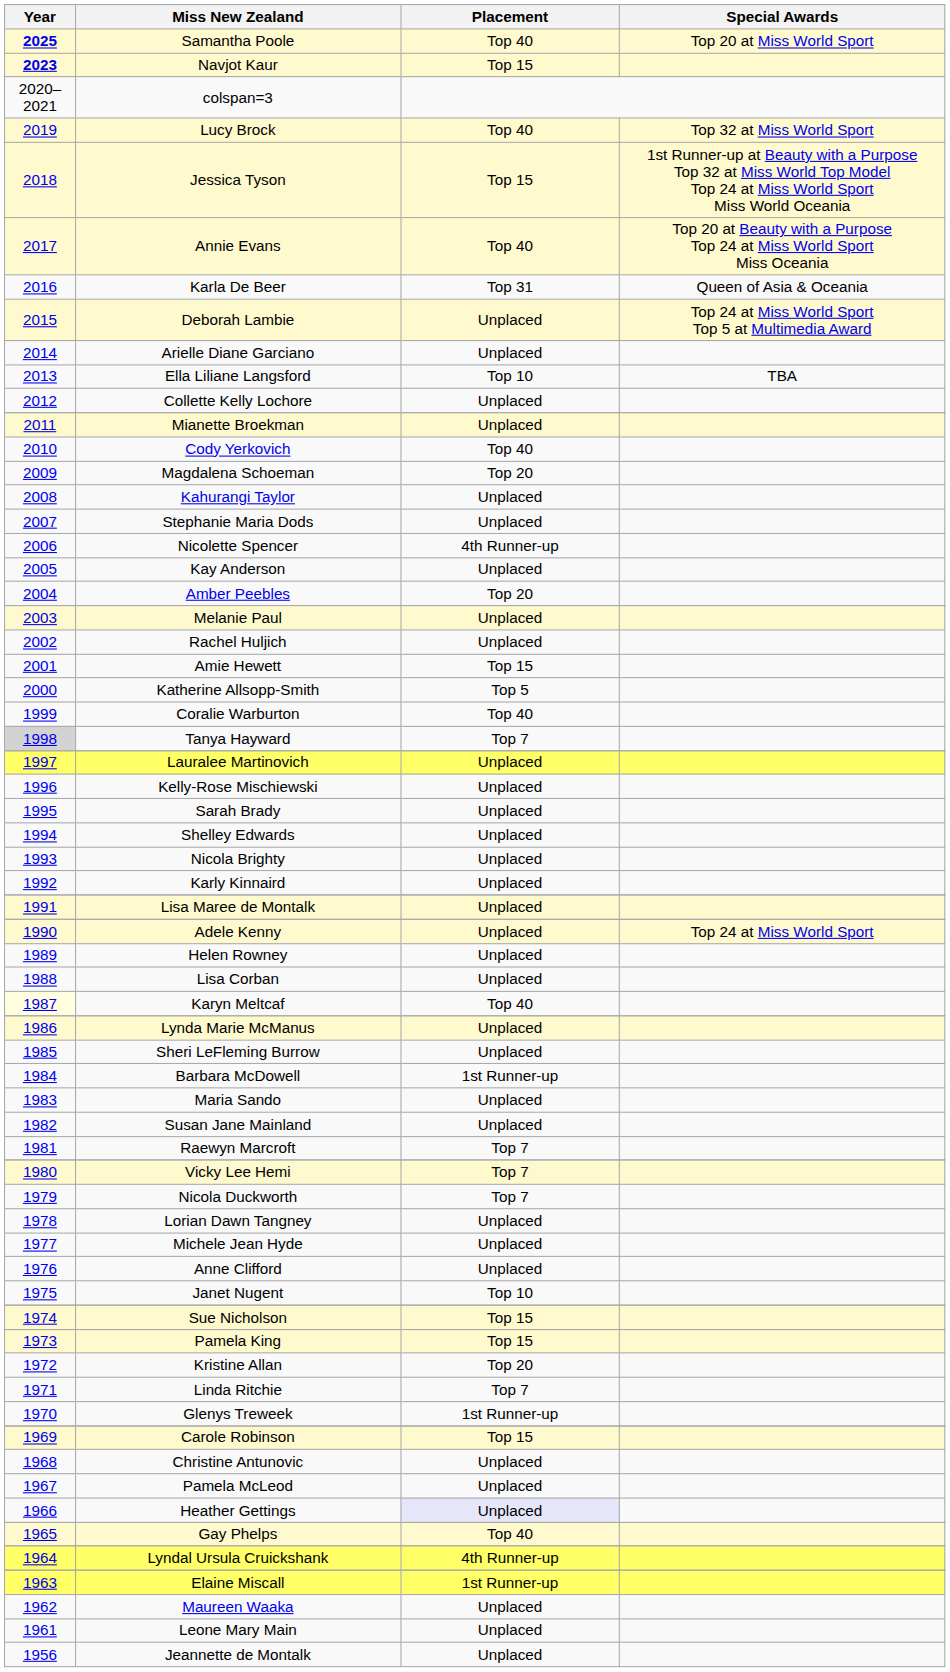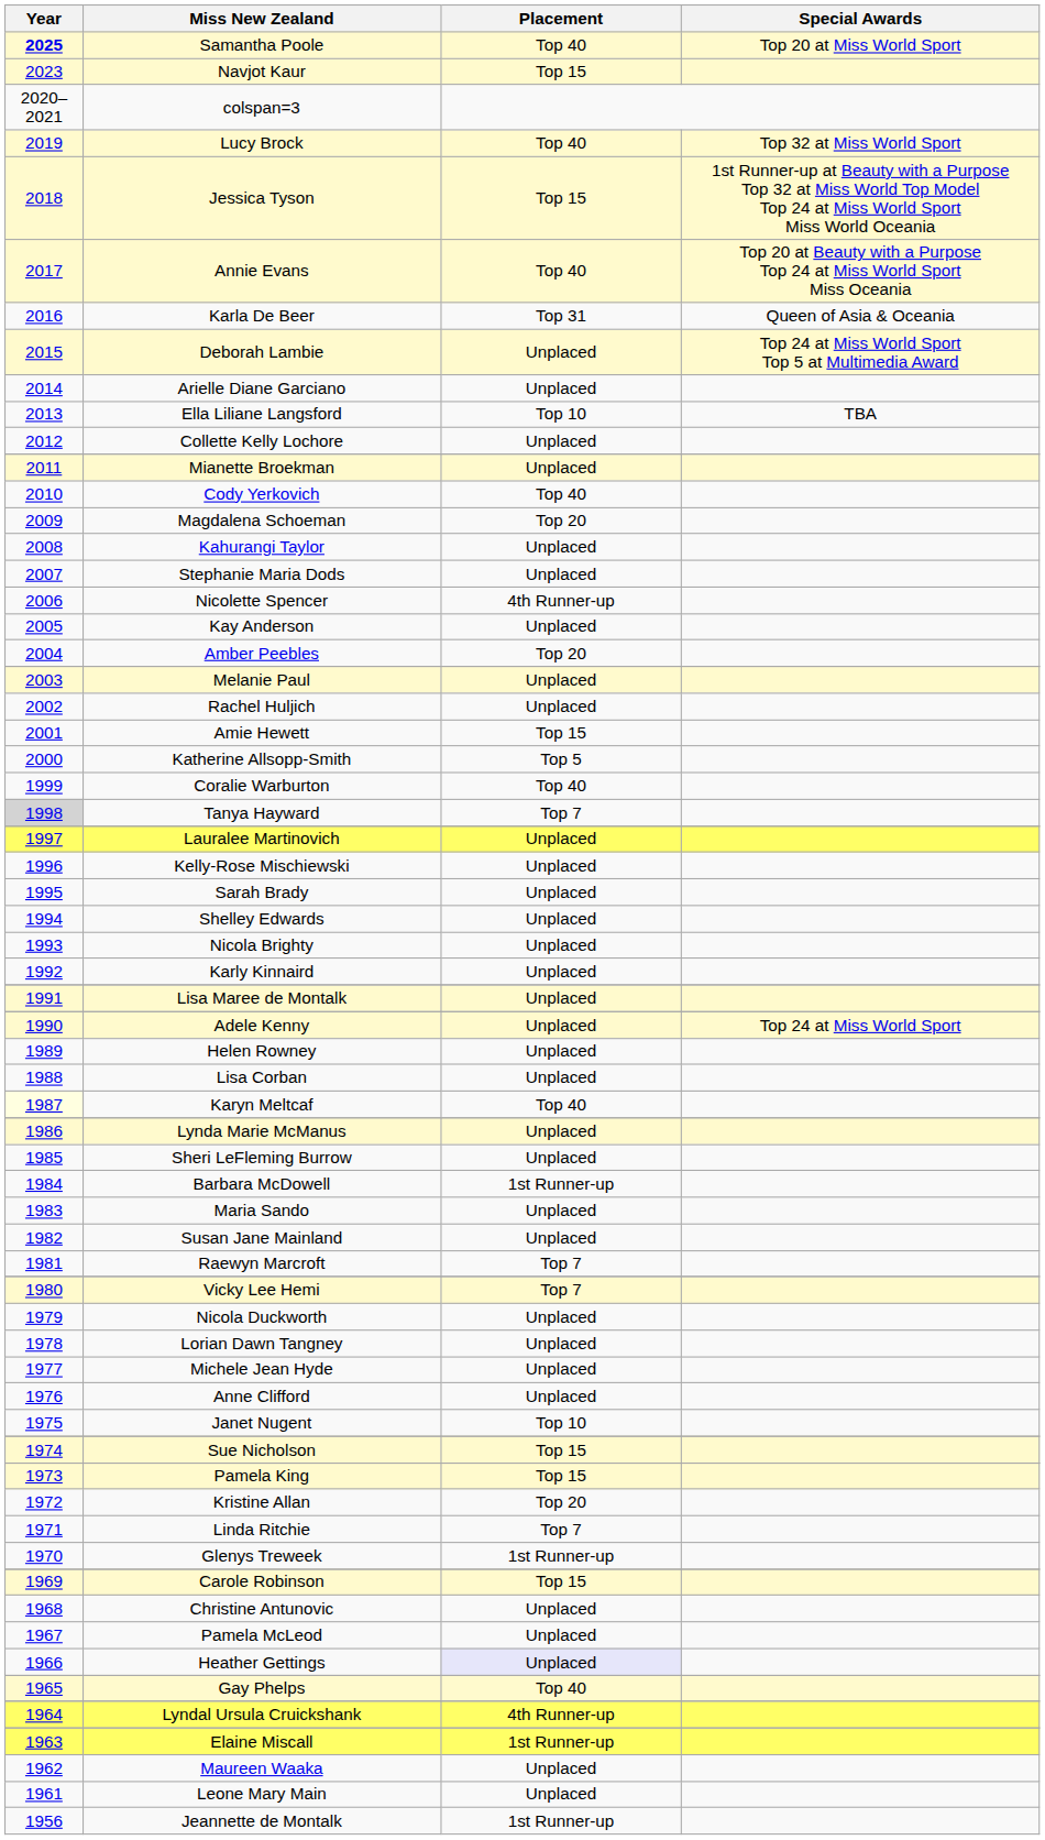 <table class="wikitable sortable" style="font-size: 90%; text-align:center;">
 <tr>
 <th width="60">Year</th>
 <th width="300">Miss New Zealand</th>
 <th width="200">Placement</th>
 <th width="300">Special Awards</th>
 </tr>
 <tr style="background-color:#FFFACD;">
 <td><strong><a href='#'>2025</a></strong></td>
 <td>Samantha Poole</td>
 <td>Top 40</td>
 <td>Top 20 at <a href='#'>Miss World Sport</a></td>
 </tr>
 <tr style="background-color:#FFFACD;">
-<td><strong><a href='#'>2023</a></strong></td>
+<td><a href='#'>2023</a></td>
 <td>Navjot Kaur</td>
 <td>Top 15</td>
 <td></td>
 </tr>
 <tr>
 <td>2020–2021</td>
 <td>colspan=3 </td>
 </tr>
 <tr style="background-color:#FFFACD;">
 <td><a href='#'>2019</a></td>
 <td>Lucy Brock</td>
 <td>Top 40</td>
 <td>Top 32 at <a href='#'>Miss World Sport</a></td>
 </tr>
 <tr style="background-color:#FFFACD;">
 <td><a href='#'>2018</a></td>
 <td>Jessica Tyson</td>
 <td>Top 15</td>
 <td>1st Runner-up at <a href='#'>Beauty with a Purpose</a><br>Top 32 at <a href='#'>Miss World Top Model</a><br>Top 24 at <a href='#'>Miss World Sport</a><br>Miss World Oceania </td>
 </tr>
 <tr style="background-color:#FFFACD;">
 <td><a href='#'>2017</a></td>
 <td>Annie Evans</td>
 <td>Top 40</td>
 <td>Top 20 at <a href='#'>Beauty with a Purpose</a><br>Top 24  at <a href='#'>Miss World Sport</a><br>Miss Oceania</td>
 </tr>
 <tr>
 <td><a href='#'>2016</a></td>
 <td>Karla De Beer</td>
 <td>Top 31</td>
 <td>Queen of Asia & Oceania</td>
 </tr>
 <tr style="background-color:#FFFACD;">
 <td><a href='#'>2015</a></td>
 <td>Deborah Lambie</td>
 <td>Unplaced</td>
 <td>Top 24 at <a href='#'>Miss World Sport</a><br>Top 5 at <a href='#'>Multimedia Award</a></td>
 </tr>
 <tr>
 <td><a href='#'>2014</a></td>
 <td>Arielle Diane Garciano</td>
 <td>Unplaced</td>
 <td></td>
 </tr>
 <tr>
 <td><a href='#'>2013</a></td>
 <td>Ella Liliane Langsford</td>
 <td>Top 10</td>
 <td>TBA</td>
 </tr>
 <tr>
 <td><a href='#'>2012</a></td>
 <td>Collette Kelly Lochore</td>
 <td>Unplaced</td>
 <td></td>
 </tr>
 <tr>
 </tr>
 <tr style="background-color:#FFFACD;">
 <td><a href='#'>2011</a></td>
 <td>Mianette Broekman</td>
 <td>Unplaced</td>
 <td></td>
 </tr>
 <tr>
 <td><a href='#'>2010</a></td>
 <td><a href='#'>Cody Yerkovich</a></td>
 <td>Top 40</td>
 <td></td>
 </tr>
 <tr>
 <td><a href='#'>2009</a></td>
 <td>Magdalena Schoeman</td>
 <td>Top 20</td>
 <td></td>
 </tr>
 <tr>
 <td><a href='#'>2008</a></td>
 <td><a href='#'>Kahurangi Taylor</a></td>
 <td>Unplaced</td>
 <td></td>
 </tr>
 <tr>
 <td><a href='#'>2007</a></td>
 <td>Stephanie Maria Dods</td>
 <td>Unplaced</td>
 <td></td>
 </tr>
 <tr>
 <td><a href='#'>2006</a></td>
 <td>Nicolette Spencer</td>
 <td>4th Runner-up</td>
 <td></td>
 </tr>
 <tr>
 <td><a href='#'>2005</a></td>
 <td>Kay Anderson</td>
 <td>Unplaced</td>
 <td></td>
 </tr>
 <tr>
 <td><a href='#'>2004</a></td>
 <td><a href='#'>Amber Peebles</a></td>
 <td>Top 20</td>
 <td></td>
 </tr>
 <tr>
 </tr>
 <tr style="background-color:#FFFACD;">
 <td><a href='#'>2003</a></td>
 <td>Melanie Paul</td>
 <td>Unplaced</td>
 <td></td>
 </tr>
 <tr>
 <td><a href='#'>2002</a></td>
 <td>Rachel Huljich</td>
 <td>Unplaced</td>
 <td></td>
 </tr>
 <tr>
 <td><a href='#'>2001</a></td>
 <td>Amie Hewett</td>
 <td>Top 15</td>
 <td></td>
 </tr>
 <tr>
 <td><a href='#'>2000</a></td>
 <td>Katherine Allsopp-Smith</td>
 <td>Top 5</td>
 <td></td>
 </tr>
 <tr>
 <td><a href='#'>1999</a></td>
 <td>Coralie Warburton</td>
 <td>Top 40</td>
 <td></td>
 </tr>
 <tr>
 <td style="background: lightgrey;"><a href='#'>1998</a></td>
 <td>Tanya Hayward</td>
 <td>Top 7</td>
 <td></td>
 </tr>
 <tr>
 </tr>
 <tr style="background-color:#FFFF66;">
 <td><a href='#'>1997</a></td>
 <td>Lauralee Martinovich</td>
 <td>Unplaced</td>
 <td></td>
 </tr>
 <tr>
 <td><a href='#'>1996</a></td>
 <td>Kelly-Rose Mischiewski</td>
 <td>Unplaced</td>
 <td></td>
 </tr>
 <tr>
 <td><a href='#'>1995</a></td>
 <td>Sarah Brady</td>
 <td>Unplaced</td>
 <td></td>
 </tr>
 <tr>
 <td><a href='#'>1994</a></td>
 <td>Shelley Edwards</td>
 <td>Unplaced</td>
 <td></td>
 </tr>
 <tr>
 <td><a href='#'>1993</a></td>
 <td>Nicola Brighty</td>
 <td>Unplaced</td>
 <td></td>
 </tr>
 <tr>
 <td><a href='#'>1992</a></td>
 <td>Karly Kinnaird</td>
 <td>Unplaced</td>
 <td></td>
 </tr>
 <tr>
 </tr>
 <tr style="background-color:#FFFACD;">
 <td><a href='#'>1991</a></td>
 <td>Lisa Maree de Montalk</td>
 <td>Unplaced</td>
 <td></td>
 </tr>
 <tr>
 </tr>
 <tr style="background-color:#FFFACD;">
 <td><a href='#'>1990</a></td>
 <td>Adele Kenny</td>
 <td>Unplaced</td>
 <td>Top 24  at <a href='#'>Miss World Sport</a></td>
 </tr>
 <tr>
 <td><a href='#'>1989</a></td>
 <td>Helen Rowney</td>
 <td>Unplaced</td>
 <td></td>
 </tr>
 <tr>
 <td><a href='#'>1988</a></td>
 <td>Lisa Corban</td>
 <td>Unplaced</td>
 <td></td>
 </tr>
 <tr>
 <td style="background: lightyellow;"><a href='#'>1987</a></td>
 <td>Karyn Meltcaf</td>
 <td>Top 40</td>
 <td></td>
 </tr>
 <tr>
 </tr>
 <tr style="background-color:#FFFACD;">
 <td><a href='#'>1986</a></td>
 <td>Lynda Marie McManus</td>
 <td>Unplaced</td>
 <td></td>
 </tr>
 <tr>
 <td><a href='#'>1985</a></td>
 <td>Sheri LeFleming Burrow</td>
 <td>Unplaced</td>
 <td></td>
 </tr>
 <tr>
 <td><a href='#'>1984</a></td>
 <td>Barbara McDowell</td>
 <td>1st Runner-up</td>
 <td></td>
 </tr>
 <tr>
 <td><a href='#'>1983</a></td>
 <td>Maria Sando</td>
 <td>Unplaced</td>
 <td></td>
 </tr>
 <tr>
 <td><a href='#'>1982</a></td>
 <td>Susan Jane Mainland</td>
 <td>Unplaced</td>
 <td></td>
 </tr>
 <tr>
 <td><a href='#'>1981</a></td>
 <td>Raewyn Marcroft</td>
 <td>Top 7</td>
 <td></td>
 </tr>
 <tr>
 </tr>
 <tr style="background-color:#FFFACD;">
 <td><a href='#'>1980</a></td>
 <td>Vicky Lee Hemi</td>
 <td>Top 7</td>
 <td></td>
 </tr>
 <tr>
 <td><a href='#'>1979</a></td>
 <td>Nicola Duckworth</td>
-<td>Top 7</td>
+<td>Unplaced</td>
 <td></td>
 </tr>
 <tr>
 <td><a href='#'>1978</a></td>
 <td>Lorian Dawn Tangney</td>
 <td>Unplaced</td>
 <td></td>
 </tr>
 <tr>
 <td><a href='#'>1977</a></td>
 <td>Michele Jean Hyde</td>
 <td>Unplaced</td>
 <td></td>
 </tr>
 <tr>
 <td><a href='#'>1976</a></td>
 <td>Anne Clifford</td>
 <td>Unplaced</td>
 <td></td>
 </tr>
 <tr>
 <td><a href='#'>1975</a></td>
 <td>Janet Nugent</td>
 <td>Top 10</td>
 <td></td>
 </tr>
 <tr>
 </tr>
 <tr style="background-color:#FFFACD;">
 <td><a href='#'>1974</a></td>
 <td>Sue Nicholson</td>
 <td>Top 15</td>
 <td></td>
 </tr>
 <tr>
 </tr>
 <tr style="background-color:#FFFACD;">
 <td><a href='#'>1973</a></td>
 <td>Pamela King</td>
 <td>Top 15</td>
 <td></td>
 </tr>
 <tr>
 <td><a href='#'>1972</a></td>
 <td>Kristine Allan</td>
 <td>Top 20</td>
 <td></td>
 </tr>
 <tr>
 <td><a href='#'>1971</a></td>
 <td>Linda Ritchie</td>
 <td>Top 7</td>
 <td></td>
 </tr>
 <tr>
 <td><a href='#'>1970</a></td>
 <td>Glenys Treweek</td>
 <td>1st Runner-up</td>
 <td></td>
 </tr>
 <tr>
 </tr>
 <tr style="background-color:#FFFACD;">
 <td><a href='#'>1969</a></td>
 <td>Carole Robinson</td>
 <td>Top 15</td>
 <td></td>
 </tr>
 <tr>
 <td><a href='#'>1968</a></td>
 <td>Christine Antunovic</td>
 <td>Unplaced</td>
 <td></td>
 </tr>
 <tr>
 <td><a href='#'>1967</a></td>
 <td>Pamela McLeod</td>
 <td>Unplaced</td>
 <td></td>
 </tr>
 <tr>
 <td><a href='#'>1966</a></td>
 <td>Heather Gettings</td>
 <td style="background: lavender;">Unplaced</td>
 <td></td>
 </tr>
 <tr>
 </tr>
 <tr style="background-color:#FFFACD;">
 <td><a href='#'>1965</a></td>
 <td>Gay Phelps</td>
 <td>Top 40</td>
 <td></td>
 </tr>
 <tr>
 </tr>
 <tr style="background-color:#FFFF66;">
 <td><a href='#'>1964</a></td>
 <td>Lyndal Ursula Cruickshank</td>
 <td>4th Runner-up</td>
 <td></td>
 </tr>
 <tr>
 </tr>
 <tr style="background-color:#FFFF66;">
 <td><a href='#'>1963</a></td>
 <td>Elaine Miscall</td>
 <td>1st Runner-up</td>
 <td></td>
 </tr>
 <tr>
 <td><a href='#'>1962</a></td>
 <td><a href='#'>Maureen Waaka</a></td>
 <td>Unplaced</td>
 <td></td>
 </tr>
 <tr>
 <td><a href='#'>1961</a></td>
 <td>Leone Mary Main</td>
 <td>Unplaced</td>
 <td></td>
 </tr>
 <tr>
 <td><a href='#'>1956</a></td>
 <td>Jeannette de Montalk</td>
-<td>Unplaced</td>
+<td>1st Runner-up</td>
 <td></td>
 </tr>
 </table>
